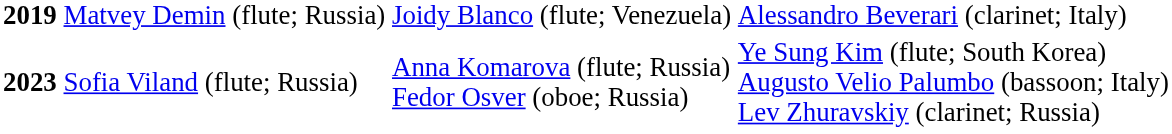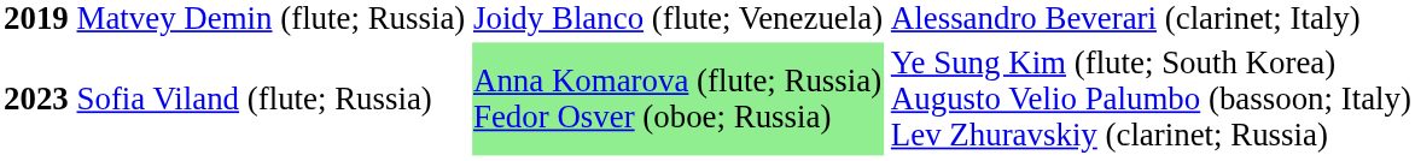 <table>
 <tr>
 <th>2019</th>
 <td><a href='#'>Matvey Demin</a> (flute; Russia)</td>
 <td><a href='#'>Joidy Blanco</a> (flute; Venezuela)</td>
 <td><a href='#'>Alessandro Beverari</a> (clarinet; Italy)</td>
 </tr>
 <tr>
 <th>2023</th>
 <td><a href='#'>Sofia Viland</a> (flute; Russia)</td>
-<td><a href='#'>Anna Komarova</a> (flute; Russia)<br><a href='#'>Fedor Osver</a> (oboe; Russia)</td>
+<td style="background: lightgreen;"><a href='#'>Anna Komarova</a> (flute; Russia)<br><a href='#'>Fedor Osver</a> (oboe; Russia)</td>
 <td><a href='#'>Ye Sung Kim</a> (flute; South Korea)<br><a href='#'>Augusto Velio Palumbo</a> (bassoon; Italy)<br><a href='#'>Lev Zhuravskiy</a> (clarinet; Russia)</td>
 </tr>
 <tr>
 </tr>
 </table>
